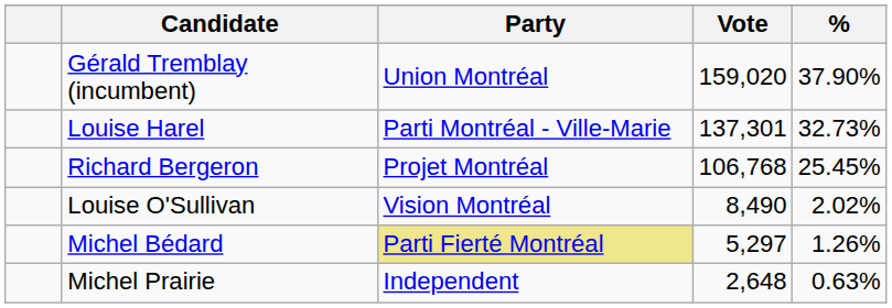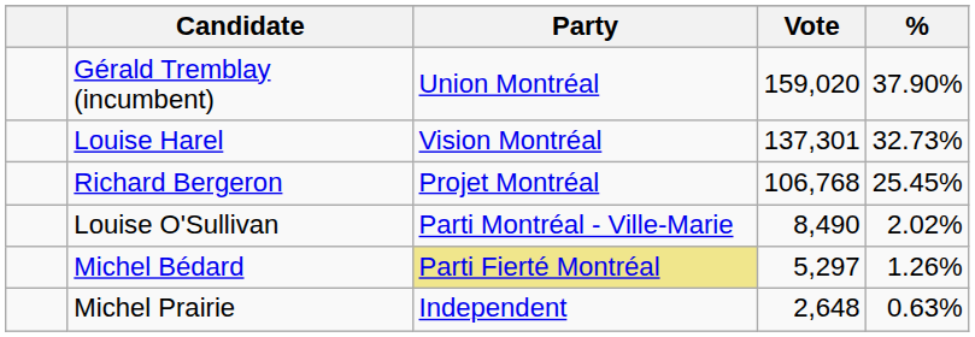 <table class="wikitable">
 <tr>
 </tr>
 <tr>
 <th bgcolor="#DDDDFF" width="30px"> </th>
 <th bgcolor="#DDDDFF" width="200px">Candidate</th>
 <th bgcolor="#DDDDFF" width="200px">Party</th>
 <th bgcolor="#DDDDFF" width="50px">Vote</th>
 <th bgcolor="#DDDDFF" width="30px">%</th>
 </tr>
 <tr>
 <td> </td>
 <td><a href='#'>Gérald Tremblay</a> (incumbent)</td>
 <td><a href='#'>Union Montréal</a></td>
 <td align="right">159,020</td>
 <td align="right">37.90%</td>
 </tr>
 <tr>
 <td> </td>
 <td><a href='#'>Louise Harel</a></td>
-<td><a href='#'>Parti Montréal - Ville-Marie</a></td>
+<td><a href='#'>Vision Montréal</a></td>
 <td align="right">137,301</td>
 <td align="right">32.73%</td>
 </tr>
 <tr>
 <td> </td>
 <td><a href='#'>Richard Bergeron</a></td>
 <td><a href='#'>Projet Montréal</a></td>
 <td align="right">106,768</td>
 <td align="right">25.45%</td>
 </tr>
 <tr>
 <td> </td>
 <td>Louise O'Sullivan</td>
-<td><a href='#'>Vision Montréal</a></td>
+<td><a href='#'>Parti Montréal - Ville-Marie</a></td>
 <td align="right">8,490</td>
 <td align="right">2.02%</td>
 </tr>
 <tr>
 <td> </td>
 <td><a href='#'>Michel Bédard</a></td>
 <td style="background: khaki;"><a href='#'>Parti Fierté Montréal</a></td>
 <td align="right">5,297</td>
 <td align="right">1.26%</td>
 </tr>
 <tr>
 <td> </td>
 <td>Michel Prairie</td>
 <td><a href='#'>Independent</a></td>
 <td align="right">2,648</td>
 <td align="right">0.63%</td>
 </tr>
 </table>
